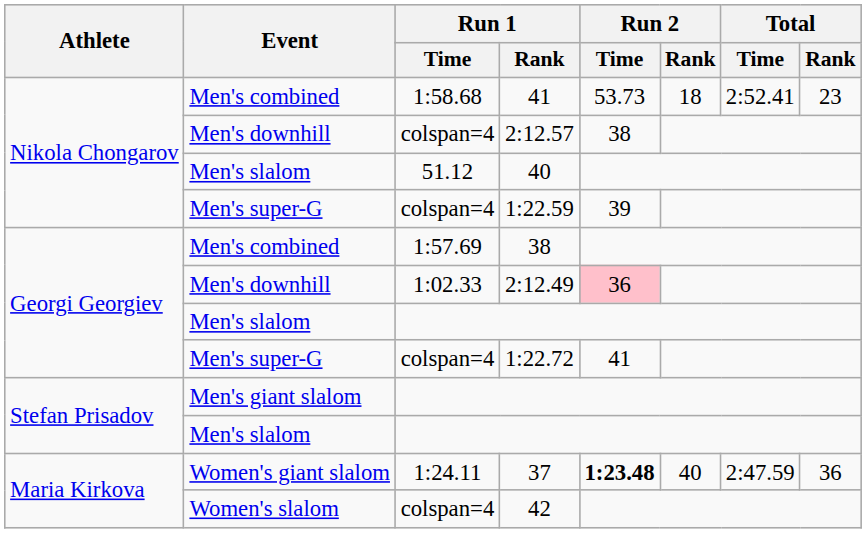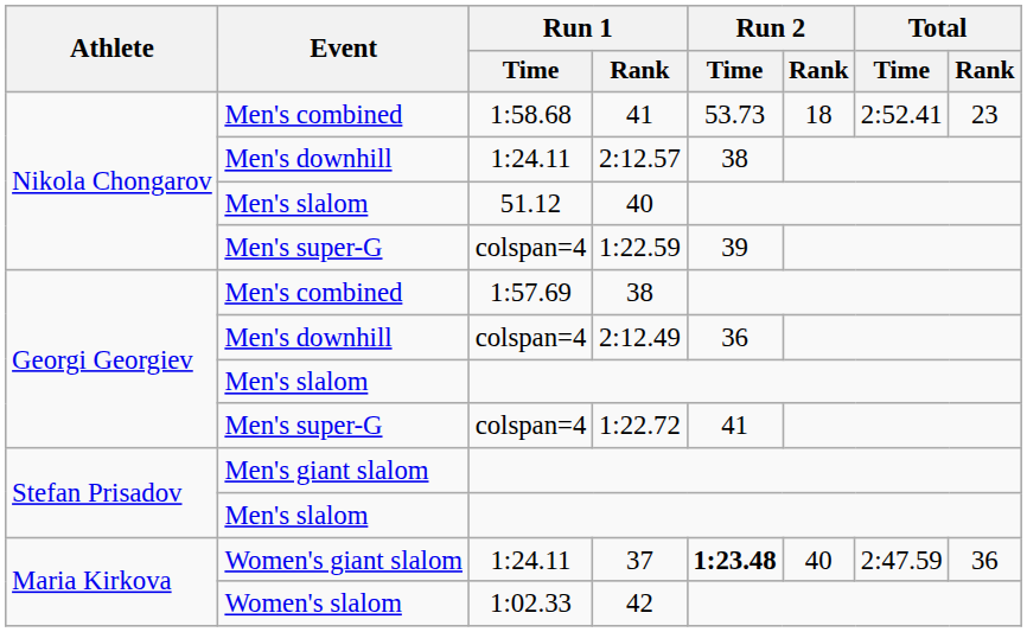 <table class="wikitable" style="font-size:90%">
 <tr>
 <th rowspan=2>Athlete</th>
 <th rowspan=2>Event</th>
 <th colspan=2>Run 1</th>
 <th colspan=2>Run 2</th>
 <th colspan=2>Total</th>
 </tr>
 <tr style="font-size:95%">
 <th>Time</th>
 <th>Rank</th>
 <th>Time</th>
 <th>Rank</th>
 <th>Time</th>
 <th>Rank</th>
 </tr>
 <tr align=center>
 <td align=left rowspan=4><a href='#'>Nikola Chongarov</a></td>
 <td align=left><a href='#'>Men's combined</a></td>
 <td>1:58.68</td>
 <td>41</td>
 <td>53.73</td>
 <td>18</td>
 <td>2:52.41</td>
 <td>23</td>
 </tr>
 <tr align=center>
 <td align=left><a href='#'>Men's downhill</a></td>
-<td>colspan=4 </td>
+<td>1:24.11</td>
 <td>2:12.57</td>
 <td>38</td>
 </tr>
 <tr align=center>
 <td align=left><a href='#'>Men's slalom</a></td>
 <td>51.12</td>
 <td>40</td>
 <td colspan=4></td>
 </tr>
 <tr align=center>
 <td align=left><a href='#'>Men's super-G</a></td>
 <td>colspan=4 </td>
 <td>1:22.59</td>
 <td>39</td>
 </tr>
 <tr align=center>
 <td align=left rowspan=4><a href='#'>Georgi Georgiev</a></td>
 <td align=left><a href='#'>Men's combined</a></td>
 <td>1:57.69</td>
 <td>38</td>
 <td colspan="4"></td>
 </tr>
 <tr align=center>
 <td align=left><a href='#'>Men's downhill</a></td>
-<td>1:02.33</td>
+<td>colspan=4 </td>
 <td>2:12.49</td>
-<td style="background: pink;">36</td>
+<td>36</td>
 </tr>
 <tr align=center>
 <td align=left><a href='#'>Men's slalom</a></td>
 <td colspan="6"></td>
 </tr>
 <tr align=center>
 <td align=left><a href='#'>Men's super-G</a></td>
 <td>colspan=4 </td>
 <td>1:22.72</td>
 <td>41</td>
 </tr>
 <tr align=center>
 <td align=left rowspan=2><a href='#'>Stefan Prisadov</a></td>
 <td align=left><a href='#'>Men's giant slalom</a></td>
 <td colspan="6"></td>
 </tr>
 <tr align=center>
 <td align=left><a href='#'>Men's slalom</a></td>
 <td colspan="6"></td>
 </tr>
 <tr align=center>
 <td align=left rowspan=2><a href='#'>Maria Kirkova</a></td>
 <td align=left><a href='#'>Women's giant slalom</a></td>
 <td>1:24.11</td>
 <td>37</td>
 <td><strong>1:23.48</strong></td>
 <td>40</td>
 <td>2:47.59</td>
 <td>36</td>
 </tr>
 <tr align=center>
 <td align=left><a href='#'>Women's slalom</a></td>
-<td>colspan=4 </td>
+<td>1:02.33</td>
 <td>42</td>
 <td colspan=4></td>
 </tr>
 </table>
